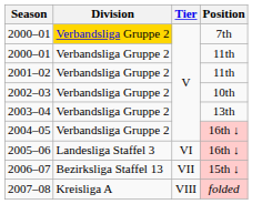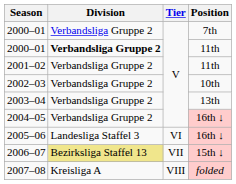 <table class="wikitable">
 <tr>
 <th>Season</th>
 <th>Division</th>
 <th><a href='#'>Tier</a></th>
 <th>Position</th>
 </tr>
 <tr align="center">
 <td>2000–01</td>
-<td align="left" style="background: gold;"><a href='#'>Verbandsliga</a> Gruppe 2</td>
+<td align="left"><a href='#'>Verbandsliga</a> Gruppe 2</td>
 <td rowspan=6>V</td>
 <td>7th</td>
 </tr>
 <tr align="center">
 <td>2000–01</td>
-<td align="left">Verbandsliga Gruppe 2</td>
+<td align="left"><strong>Verbandsliga Gruppe 2</strong></td>
 <td>11th</td>
 </tr>
 <tr align="center">
 <td>2001–02</td>
 <td align="left">Verbandsliga Gruppe 2</td>
 <td>11th</td>
 </tr>
 <tr align="center">
 <td>2002–03</td>
 <td align="left">Verbandsliga Gruppe 2</td>
 <td>10th</td>
 </tr>
 <tr align="center">
 <td>2003–04</td>
 <td align="left">Verbandsliga Gruppe 2</td>
 <td>13th</td>
 </tr>
 <tr align="center">
 <td>2004–05</td>
 <td align="left">Verbandsliga Gruppe 2</td>
 <td style="background:#ffcccc">16th ↓</td>
 </tr>
 <tr align="center">
 <td>2005–06</td>
 <td align="left">Landesliga Staffel 3</td>
 <td>VI</td>
 <td style="background:#ffcccc">16th ↓</td>
 </tr>
 <tr align="center">
 <td>2006–07</td>
-<td align="left">Bezirksliga Staffel 13</td>
+<td align="left" style="background: khaki;">Bezirksliga Staffel 13</td>
 <td>VII</td>
 <td style="background:#ffcccc">15th ↓</td>
 </tr>
 <tr align="center">
 <td>2007–08</td>
 <td align="left">Kreisliga A</td>
 <td>VIII</td>
 <td style="background:#ffcccc"><em>folded</em></td>
 </tr>
 </table>
